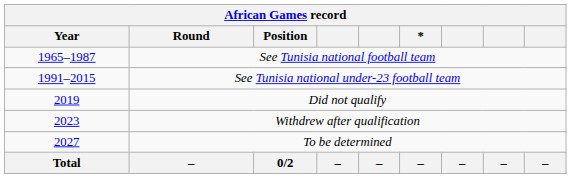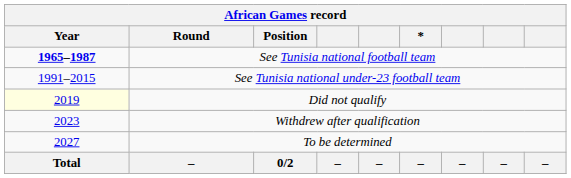 <table class="wikitable" width="50%" style="font-size:90%; text-align:center;">
 <tr>
 <th colspan="9"><a href='#'>African Games</a> record</th>
 </tr>
 <tr>
 <th width="15%">Year</th>
 <th width="15%">Round</th>
 <th width="5%">Position</th>
 <th width="5%"></th>
 <th width="5%"></th>
 <th width="5%">*</th>
 <th width="5%"></th>
 <th width="5%"></th>
 <th width="5%"></th>
 </tr>
 <tr>
-<td><a href='#'>1965</a>–<a href='#'>1987</a></td>
+<td><strong><a href='#'>1965</a>–<a href='#'>1987</a></strong></td>
 <td colspan="8"><em>See <a href='#'>Tunisia national football team</a></em></td>
 </tr>
 <tr>
 <td><a href='#'>1991</a>–<a href='#'>2015</a></td>
 <td colspan="8"><em>See</em> <em><a href='#'>Tunisia national under-23 football team</a></em></td>
 </tr>
 <tr>
-<td> <a href='#'>2019</a></td>
+<td style="background: lightyellow;"> <a href='#'>2019</a></td>
 <td colspan="8"><em>Did not qualify</em></td>
 </tr>
 <tr>
 <td> <a href='#'>2023</a></td>
 <td colspan="8"><em>Withdrew after qualification</em></td>
 </tr>
 <tr>
 <td> <a href='#'>2027</a></td>
 <td colspan="8"><em>To be determined</em></td>
 </tr>
 <tr>
 <th>Total</th>
 <th>–</th>
 <th>0/2</th>
 <th>–</th>
 <th>–</th>
 <th>–</th>
 <th>–</th>
 <th>–</th>
 <th>–</th>
 </tr>
 </table>
